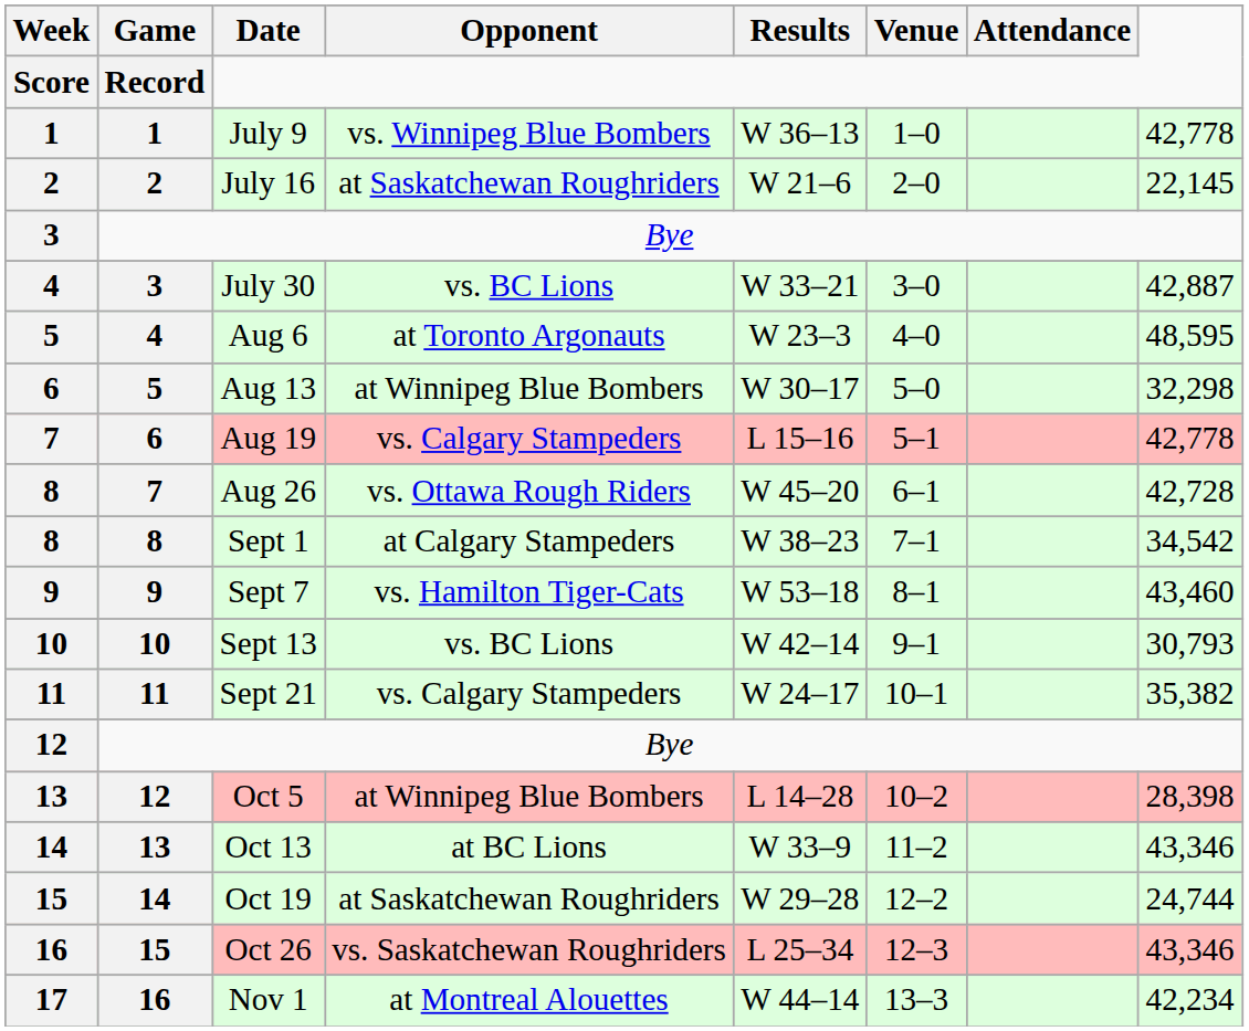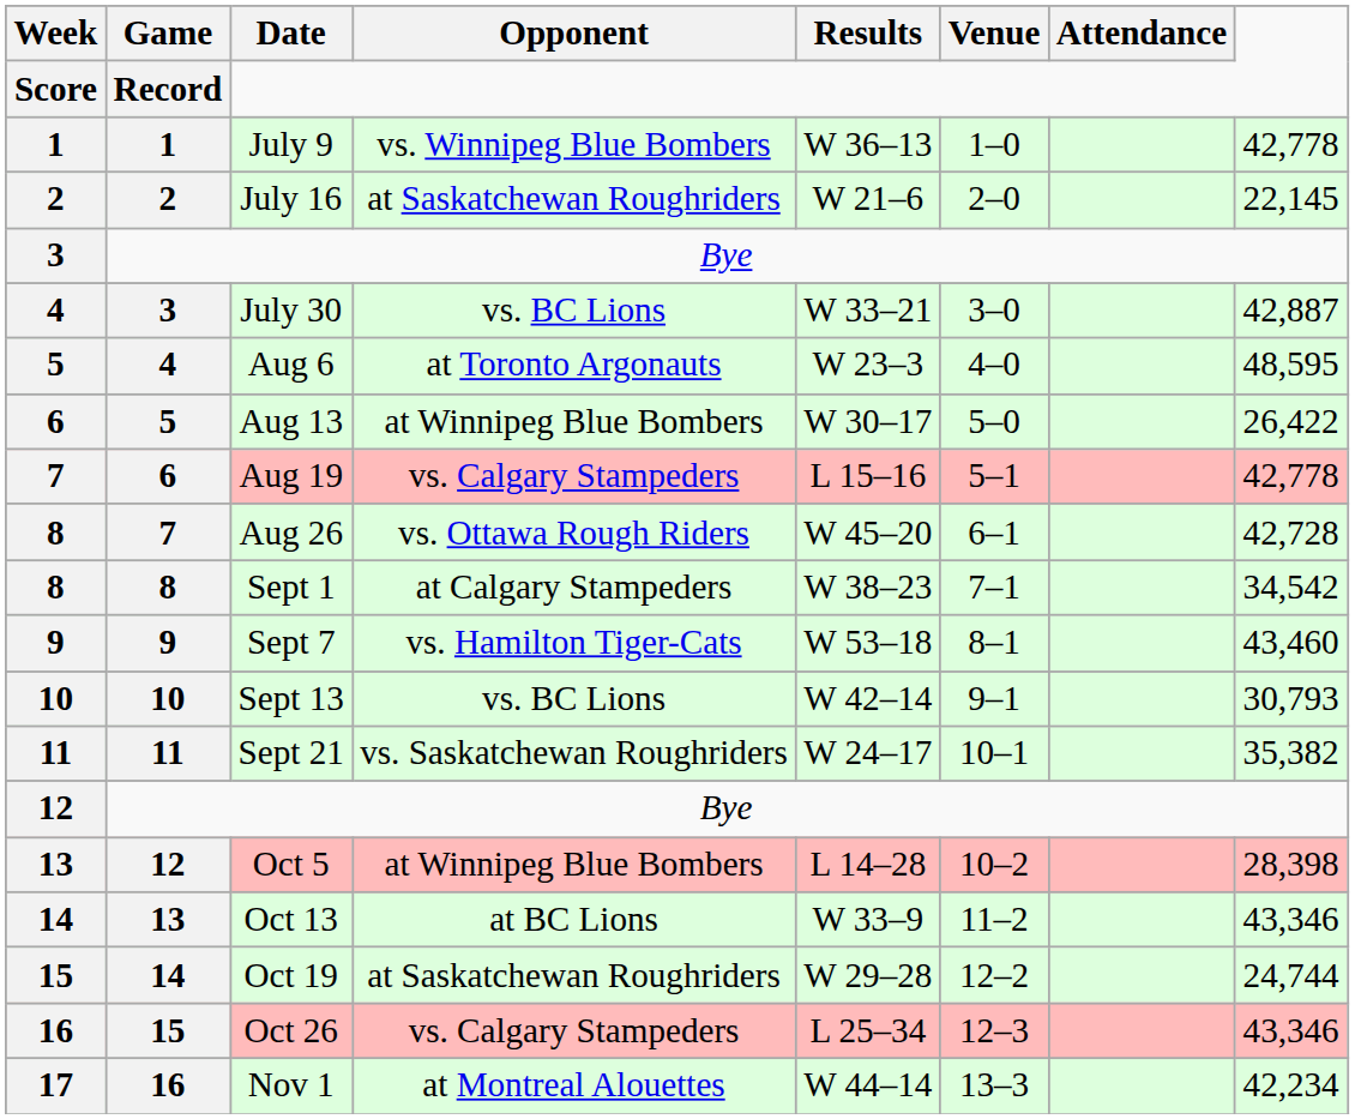 <table class="wikitable" style="text-align:center">
 <tr>
 <th>Week</th>
 <th>Game</th>
 <th>Date</th>
 <th>Opponent</th>
 <th>Results</th>
 <th>Venue</th>
 <th>Attendance</th>
 </tr>
 <tr>
 <th>Score</th>
 <th>Record</th>
 </tr>
 <tr align="center" bgcolor="#ddffdd">
 <th>1</th>
 <th>1</th>
 <td>July 9</td>
 <td>vs. <a href='#'>Winnipeg Blue Bombers</a></td>
 <td>W 36–13</td>
 <td>1–0</td>
 <td></td>
 <td>42,778</td>
 </tr>
 <tr align="center" bgcolor="#ddffdd">
 <th>2</th>
 <th>2</th>
 <td>July 16</td>
 <td>at <a href='#'>Saskatchewan Roughriders</a></td>
 <td>W 21–6</td>
 <td>2–0</td>
 <td></td>
 <td>22,145</td>
 </tr>
 <tr>
 <th>3</th>
 <td colspan=7><em><a href='#'>Bye</a></em></td>
 </tr>
 <tr align="center" bgcolor="#ddffdd">
 <th>4</th>
 <th>3</th>
 <td>July 30</td>
 <td>vs. <a href='#'>BC Lions</a></td>
 <td>W 33–21</td>
 <td>3–0</td>
 <td></td>
 <td>42,887</td>
 </tr>
 <tr align="center" bgcolor="#ddffdd">
 <th>5</th>
 <th>4</th>
 <td>Aug 6</td>
 <td>at <a href='#'>Toronto Argonauts</a></td>
 <td>W 23–3</td>
 <td>4–0</td>
 <td></td>
 <td>48,595</td>
 </tr>
 <tr align="center" bgcolor="#ddffdd">
 <th>6</th>
 <th>5</th>
 <td>Aug 13</td>
 <td>at Winnipeg Blue Bombers</td>
 <td>W 30–17</td>
 <td>5–0</td>
 <td></td>
-<td>32,298</td>
+<td>26,422</td>
 </tr>
 <tr align="center" bgcolor="#ffbbbb">
 <th>7</th>
 <th>6</th>
 <td>Aug 19</td>
 <td>vs. <a href='#'>Calgary Stampeders</a></td>
 <td>L 15–16</td>
 <td>5–1</td>
 <td></td>
 <td>42,778</td>
 </tr>
 <tr align="center" bgcolor="#ddffdd">
 <th>8</th>
 <th>7</th>
 <td>Aug 26</td>
 <td>vs. <a href='#'>Ottawa Rough Riders</a></td>
 <td>W 45–20</td>
 <td>6–1</td>
 <td></td>
 <td>42,728</td>
 </tr>
 <tr align="center" bgcolor="#ddffdd">
 <th>8</th>
 <th>8</th>
 <td>Sept 1</td>
 <td>at Calgary Stampeders</td>
 <td>W 38–23</td>
 <td>7–1</td>
 <td></td>
 <td>34,542</td>
 </tr>
 <tr align="center" bgcolor="#ddffdd">
 <th>9</th>
 <th>9</th>
 <td>Sept 7</td>
 <td>vs. <a href='#'>Hamilton Tiger-Cats</a></td>
 <td>W 53–18</td>
 <td>8–1</td>
 <td></td>
 <td>43,460</td>
 </tr>
 <tr align="center" bgcolor="#ddffdd">
 <th>10</th>
 <th>10</th>
 <td>Sept 13</td>
 <td>vs. BC Lions</td>
 <td>W 42–14</td>
 <td>9–1</td>
 <td></td>
 <td>30,793</td>
 </tr>
 <tr align="center" bgcolor="#ddffdd">
 <th>11</th>
 <th>11</th>
 <td>Sept 21</td>
-<td>vs. Calgary Stampeders</td>
+<td>vs. Saskatchewan Roughriders</td>
 <td>W 24–17</td>
 <td>10–1</td>
 <td></td>
 <td>35,382</td>
 </tr>
 <tr>
 <th>12</th>
 <td colspan=7><em>Bye</em></td>
 </tr>
 <tr align="center" bgcolor="#ffbbbb">
 <th>13</th>
 <th>12</th>
 <td>Oct 5</td>
 <td>at Winnipeg Blue Bombers</td>
 <td>L 14–28</td>
 <td>10–2</td>
 <td></td>
 <td>28,398</td>
 </tr>
 <tr align="center" bgcolor="#ddffdd">
 <th>14</th>
 <th>13</th>
 <td>Oct 13</td>
 <td>at BC Lions</td>
 <td>W 33–9</td>
 <td>11–2</td>
 <td></td>
 <td>43,346</td>
 </tr>
 <tr align="center" bgcolor="#ddffdd">
 <th>15</th>
 <th>14</th>
 <td>Oct 19</td>
 <td>at Saskatchewan Roughriders</td>
 <td>W 29–28</td>
 <td>12–2</td>
 <td></td>
 <td>24,744</td>
 </tr>
 <tr align="center" bgcolor="#ffbbbb">
 <th>16</th>
 <th>15</th>
 <td>Oct 26</td>
-<td>vs. Saskatchewan Roughriders</td>
+<td>vs. Calgary Stampeders</td>
 <td>L 25–34</td>
 <td>12–3</td>
 <td></td>
 <td>43,346</td>
 </tr>
 <tr align="center" bgcolor="#ddffdd">
 <th>17</th>
 <th>16</th>
 <td>Nov 1</td>
 <td>at <a href='#'>Montreal Alouettes</a></td>
 <td>W 44–14</td>
 <td>13–3</td>
 <td></td>
 <td>42,234</td>
 </tr>
 <tr>
 </tr>
 </table>
